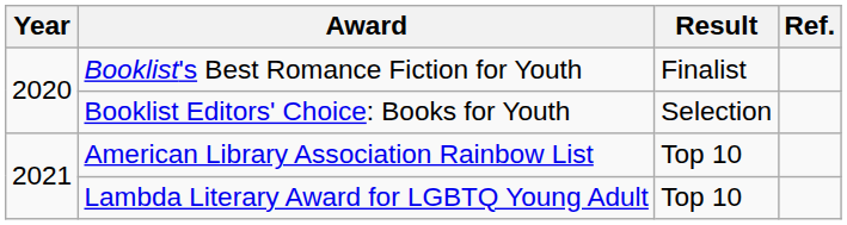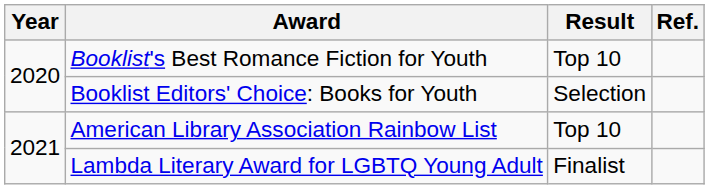 <table class="wikitable sortable mw-collapsible">
 <tr>
 <th>Year</th>
 <th>Award</th>
 <th>Result</th>
 <th>Ref.</th>
 </tr>
 <tr>
 <td rowspan="2">2020</td>
 <td><em><a href='#'>Booklist</a></em><a href='#'>'s</a> Best Romance Fiction for Youth</td>
-<td>Finalist</td>
+<td>Top 10</td>
 <td></td>
 </tr>
 <tr>
 <td><a href='#'>Booklist Editors' Choice</a>: Books for Youth</td>
 <td>Selection</td>
 <td></td>
 </tr>
 <tr>
 <td rowspan="2">2021</td>
 <td><a href='#'>American Library Association Rainbow List</a></td>
 <td>Top 10</td>
 <td></td>
 </tr>
 <tr>
 <td><a href='#'>Lambda Literary Award for LGBTQ Young Adult</a></td>
-<td>Top 10</td>
+<td>Finalist</td>
 <td></td>
 </tr>
 </table>
